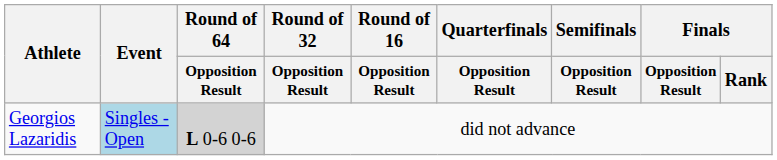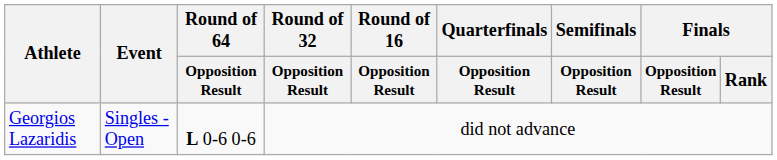 <table class=wikitable style="font-size:90%">
 <tr>
 <th rowspan="2">Athlete</th>
 <th rowspan="2">Event</th>
 <th>Round of 64</th>
 <th>Round of 32</th>
 <th>Round of 16</th>
 <th>Quarterfinals</th>
 <th>Semifinals</th>
 <th colspan="2">Finals</th>
 </tr>
 <tr>
 <th style="line-height:1em"><small>Opposition<br>Result</small></th>
 <th style="line-height:1em"><small>Opposition<br>Result</small></th>
 <th style="line-height:1em"><small>Opposition<br>Result</small></th>
 <th style="line-height:1em"><small>Opposition<br>Result</small></th>
 <th style="line-height:1em"><small>Opposition<br>Result</small></th>
 <th style="line-height:1em"><small>Opposition<br>Result</small></th>
 <th>Rank</th>
 </tr>
 <tr>
 <td><a href='#'>Georgios Lazaridis</a></td>
-<td style="background: lightblue;"><a href='#'>Singles - Open</a></td>
-<td align="center" style="background: lightgrey;"><br> <strong>L</strong> 0-6 0-6</td>
+<td><a href='#'>Singles - Open</a></td>
+<td align="center"><br> <strong>L</strong> 0-6 0-6</td>
 <td align="center" colspan="6">did not advance</td>
 </tr>
 </table>
